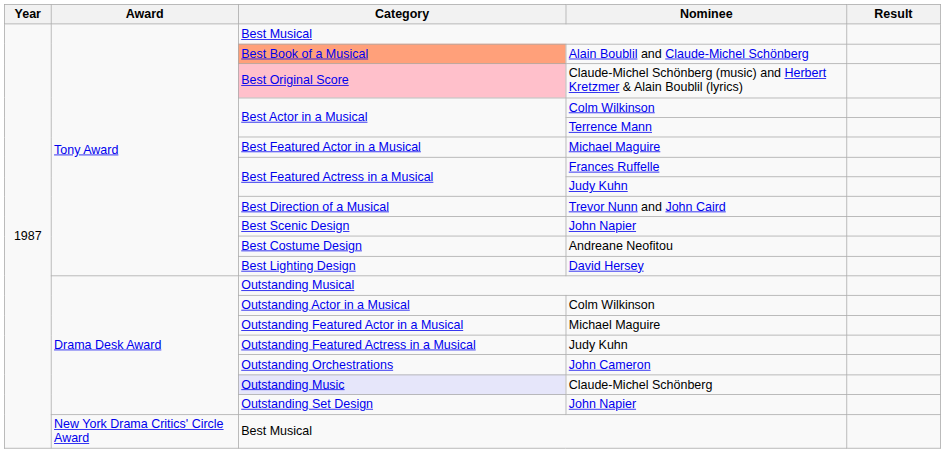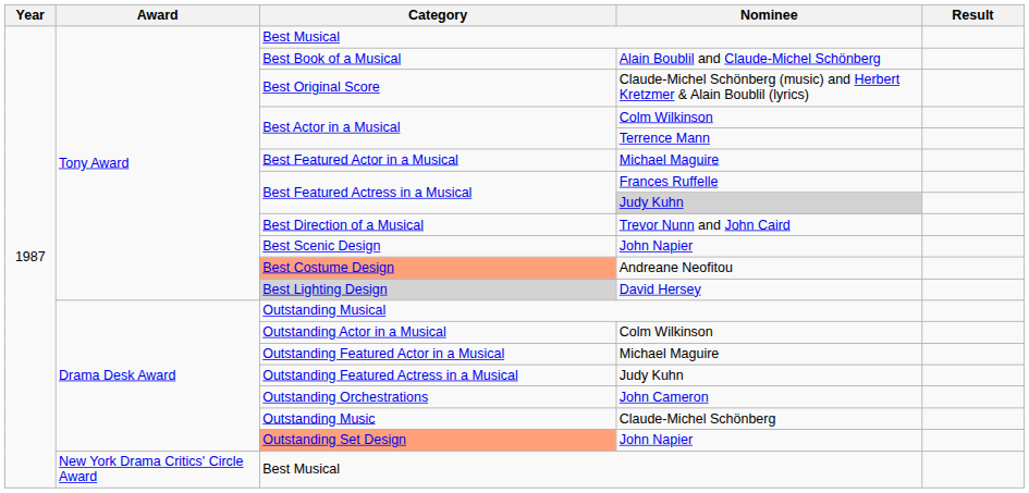 <table class="wikitable" style="width:95%;">
 <tr>
 <th style="width:5%;">Year</th>
 <th style="width:20%;">Award</th>
 <th style="width:35%;">Category</th>
 <th style="width:30%;">Nominee</th>
 <th style="width:10%;">Result</th>
 </tr>
 <tr>
 <td rowspan="20" style="text-align:center;">1987</td>
 <td rowspan="12"><a href='#'>Tony Award</a></td>
 <td colspan="2"><a href='#'>Best Musical</a></td>
 <td></td>
 </tr>
 <tr>
-<td style="background: lightsalmon;"><a href='#'>Best Book of a Musical</a></td>
+<td><a href='#'>Best Book of a Musical</a></td>
 <td><a href='#'>Alain Boublil</a> and <a href='#'>Claude-Michel Schönberg</a></td>
 <td></td>
 </tr>
 <tr>
-<td style="background: pink;"><a href='#'>Best Original Score</a></td>
+<td><a href='#'>Best Original Score</a></td>
 <td>Claude-Michel Schönberg (music) and <a href='#'>Herbert Kretzmer</a> & Alain Boublil (lyrics)</td>
 <td></td>
 </tr>
 <tr>
 <td rowspan="2"><a href='#'>Best Actor in a Musical</a></td>
 <td><a href='#'>Colm Wilkinson</a></td>
 <td></td>
 </tr>
 <tr>
 <td><a href='#'>Terrence Mann</a></td>
 <td></td>
 </tr>
 <tr>
 <td><a href='#'>Best Featured Actor in a Musical</a></td>
 <td><a href='#'>Michael Maguire</a></td>
 <td></td>
 </tr>
 <tr>
 <td rowspan="2"><a href='#'>Best Featured Actress in a Musical</a></td>
 <td><a href='#'>Frances Ruffelle</a></td>
 <td></td>
 </tr>
 <tr>
-<td><a href='#'>Judy Kuhn</a></td>
+<td style="background: lightgrey;"><a href='#'>Judy Kuhn</a></td>
 <td></td>
 </tr>
 <tr>
 <td><a href='#'>Best Direction of a Musical</a></td>
 <td><a href='#'>Trevor Nunn</a> and <a href='#'>John Caird</a></td>
 <td></td>
 </tr>
 <tr>
 <td><a href='#'>Best Scenic Design</a></td>
 <td><a href='#'>John Napier</a></td>
 <td></td>
 </tr>
 <tr>
-<td><a href='#'>Best Costume Design</a></td>
+<td style="background: lightsalmon;"><a href='#'>Best Costume Design</a></td>
 <td>Andreane Neofitou</td>
 <td></td>
 </tr>
 <tr>
-<td><a href='#'>Best Lighting Design</a></td>
+<td style="background: lightgrey;"><a href='#'>Best Lighting Design</a></td>
 <td><a href='#'>David Hersey</a></td>
 <td></td>
 </tr>
 <tr>
 <td rowspan="7"><a href='#'>Drama Desk Award</a></td>
 <td colspan="2"><a href='#'>Outstanding Musical</a></td>
 <td></td>
 </tr>
 <tr>
 <td><a href='#'>Outstanding Actor in a Musical</a></td>
 <td>Colm Wilkinson</td>
 <td></td>
 </tr>
 <tr>
 <td><a href='#'>Outstanding Featured Actor in a Musical</a></td>
 <td>Michael Maguire</td>
 <td></td>
 </tr>
 <tr>
 <td><a href='#'>Outstanding Featured Actress in a Musical</a></td>
 <td>Judy Kuhn</td>
 <td></td>
 </tr>
 <tr>
 <td><a href='#'>Outstanding Orchestrations</a></td>
 <td><a href='#'>John Cameron</a></td>
 <td></td>
 </tr>
 <tr>
-<td style="background: lavender;"><a href='#'>Outstanding Music</a></td>
+<td><a href='#'>Outstanding Music</a></td>
 <td>Claude-Michel Schönberg</td>
 <td></td>
 </tr>
 <tr>
-<td><a href='#'>Outstanding Set Design</a></td>
+<td style="background: lightsalmon;"><a href='#'>Outstanding Set Design</a></td>
 <td><a href='#'>John Napier</a></td>
 <td></td>
 </tr>
 <tr>
 <td><a href='#'>New York Drama Critics' Circle Award</a></td>
 <td colspan="2">Best Musical</td>
 <td></td>
 </tr>
 </table>
